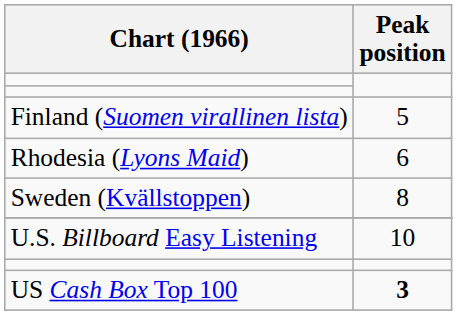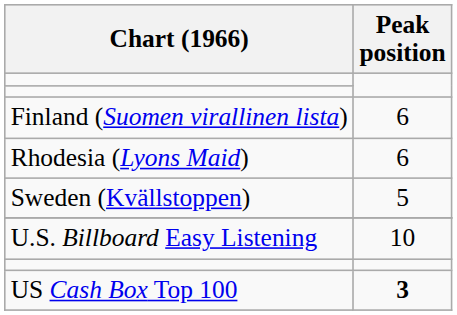 <table class="wikitable plainrowheaders sortable">
 <tr>
 <th align="left">Chart (1966)</th>
 <th align="center">Peak<br>position</th>
 </tr>
 <tr>
 <td></td>
 </tr>
 <tr>
 <td></td>
 </tr>
 <tr>
 <td align="left">Finland (<a href='#'><em>Suomen virallinen lista</em></a>)</td>
-<td style="text-align:center;">5</td>
+<td style="text-align:center;">6</td>
 </tr>
 <tr>
 <td>Rhodesia (<em><a href='#'>Lyons Maid</a></em>)</td>
 <td style="text-align:center;">6</td>
 </tr>
 <tr>
 <td>Sweden (<a href='#'>Kvällstoppen</a>)</td>
-<td style="text-align:center;">8</td>
+<td style="text-align:center;">5</td>
 </tr>
 <tr>
 </tr>
 <tr>
 <td align="left">U.S. <em>Billboard</em> <a href='#'>Easy Listening</a></td>
 <td align="center">10</td>
 </tr>
 <tr>
 <td></td>
 </tr>
 <tr>
 <td scope="row">US <a href='#'><em>Cash Box</em> Top 100</a></td>
 <td align="center"><strong>3</strong></td>
 </tr>
 </table>
